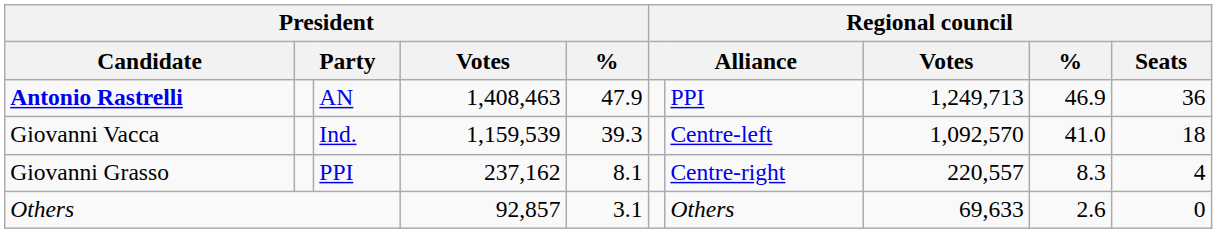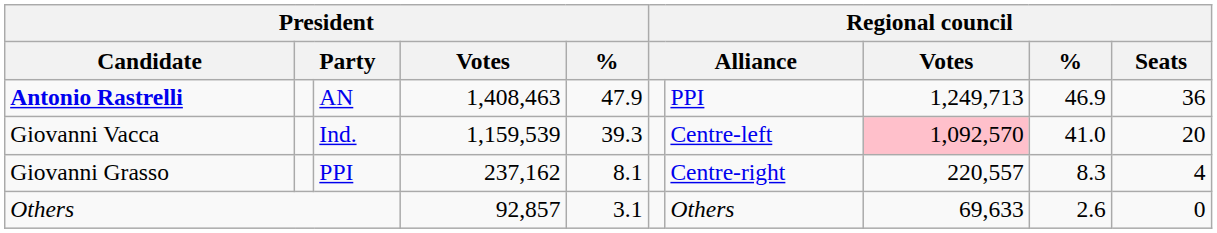 <table class="wikitable" style="text-align:right; style="width=65%">
 <tr>
 <th colspan="5">President</th>
 <th colspan="7">Regional council</th>
 </tr>
 <tr>
 <th>Candidate</th>
 <th colspan="2">Party</th>
 <th>Votes</th>
 <th>%</th>
 <th colspan="2">Alliance</th>
 <th>Votes</th>
 <th>%</th>
 <th>Seats</th>
 </tr>
 <tr>
 <td style="text-align:left"><strong><a href='#'>Antonio Rastrelli</a></strong></td>
 <td></td>
 <td style="text-align:left"><a href='#'>AN</a></td>
 <td>1,408,463</td>
 <td>47.9</td>
 <td></td>
 <td style="text-align:left"><a href='#'>PPI</a></td>
 <td>1,249,713</td>
 <td>46.9</td>
 <td>36</td>
 </tr>
 <tr>
 <td style="text-align:left">Giovanni Vacca</td>
 <td></td>
 <td style="text-align:left"><a href='#'>Ind.</a></td>
 <td>1,159,539</td>
 <td>39.3</td>
 <td></td>
 <td style="text-align:left"><a href='#'>Centre-left</a></td>
-<td>1,092,570</td>
+<td style="background: pink;">1,092,570</td>
 <td>41.0</td>
-<td>18</td>
+<td>20</td>
 </tr>
 <tr>
 <td style="text-align:left">Giovanni Grasso</td>
 <td></td>
 <td style="text-align:left"><a href='#'>PPI</a></td>
 <td>237,162</td>
 <td>8.1</td>
 <td></td>
 <td style="text-align:left"><a href='#'>Centre-right</a></td>
 <td>220,557</td>
 <td>8.3</td>
 <td>4</td>
 </tr>
 <tr>
 <td colspan="3" style="text-align:left"><em>Others</em></td>
 <td>92,857</td>
 <td>3.1</td>
 <td></td>
 <td style="text-align:left"><em>Others</em></td>
 <td>69,633</td>
 <td>2.6</td>
 <td>0</td>
 </tr>
 </table>
